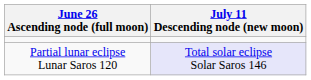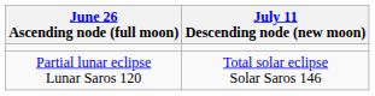 <table class="wikitable">
 <tr>
 <th><a href='#'>June 26</a><br>Ascending node (full moon)<br></th>
 <th><a href='#'>July 11</a><br>Descending node (new moon)<br></th>
 </tr>
 <tr>
 <td></td>
 <td></td>
 </tr>
 <tr align=center>
 <td><a href='#'>Partial lunar eclipse</a><br>Lunar Saros 120</td>
-<td style="background: lavender;"><a href='#'>Total solar eclipse</a><br>Solar Saros 146</td>
+<td><a href='#'>Total solar eclipse</a><br>Solar Saros 146</td>
 </tr>
 </table>
